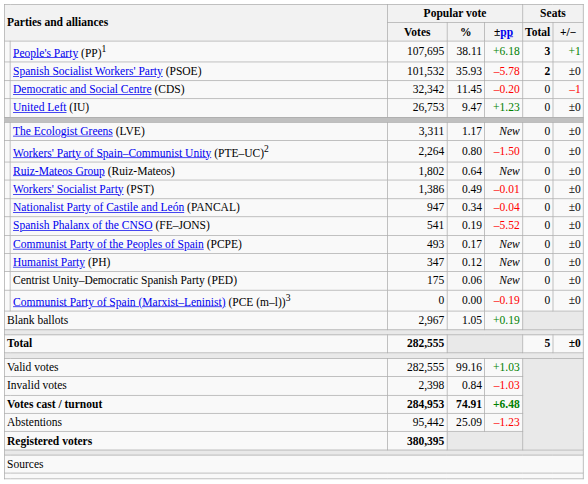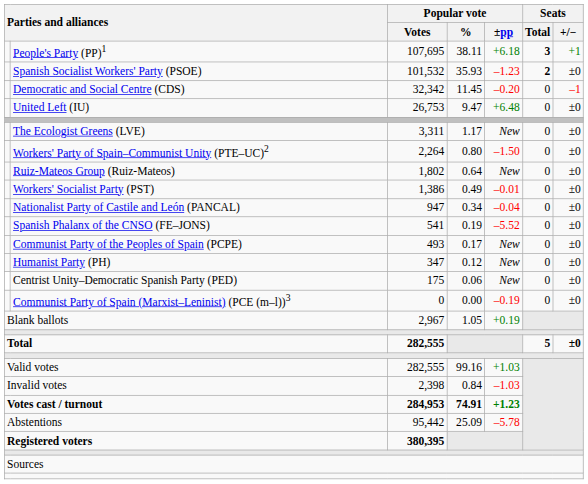 <table class="wikitable" style="text-align:right;">
 <tr>
 <th style="text-align:left;" rowspan="2" colspan="2" width="525">Parties and alliances</th>
 <th colspan="3">Popular vote</th>
 <th colspan="2">Seats</th>
 </tr>
 <tr>
 <th width="75">Votes</th>
 <th width="45">%</th>
 <th width="45">±<a href='#'>pp</a></th>
 <th width="35">Total</th>
 <th width="35">+/−</th>
 </tr>
 <tr>
 <td width="1" style="color:inherit;background:"></td>
 <td align="left"><a href='#'>People's Party</a> (PP)<sup>1</sup></td>
 <td>107,695</td>
 <td>38.11</td>
 <td style="color:green;">+6.18</td>
 <td><strong>3</strong></td>
 <td style="color:green;">+1</td>
 </tr>
 <tr>
 <td style="color:inherit;background:"></td>
 <td align="left"><a href='#'>Spanish Socialist Workers' Party</a> (PSOE)</td>
 <td>101,532</td>
 <td>35.93</td>
-<td style="color:red;">–5.78</td>
+<td style="color:red;">–1.23</td>
 <td><strong>2</strong></td>
 <td>±0</td>
 </tr>
 <tr>
 <td style="color:inherit;background:"></td>
 <td align="left"><a href='#'>Democratic and Social Centre</a> (CDS)</td>
 <td>32,342</td>
 <td>11.45</td>
 <td style="color:red;">–0.20</td>
 <td>0</td>
 <td style="color:red;">–1</td>
 </tr>
 <tr>
 <td style="color:inherit;background:"></td>
 <td align="left"><a href='#'>United Left</a> (IU)</td>
 <td>26,753</td>
 <td>9.47</td>
-<td style="color:green;">+1.23</td>
+<td style="color:green;">+6.48</td>
 <td>0</td>
 <td>±0</td>
 </tr>
 <tr>
 <td colspan="7" bgcolor="#C0C0C0"></td>
 </tr>
 <tr>
 <td style="color:inherit;background:"></td>
 <td align="left"><a href='#'>The Ecologist Greens</a> (LVE)</td>
 <td>3,311</td>
 <td>1.17</td>
 <td><em>New</em></td>
 <td>0</td>
 <td>±0</td>
 </tr>
 <tr>
 <td style="color:inherit;background:"></td>
 <td align="left"><a href='#'>Workers' Party of Spain–Communist Unity</a> (PTE–UC)<sup>2</sup></td>
 <td>2,264</td>
 <td>0.80</td>
 <td style="color:red;">–1.50</td>
 <td>0</td>
 <td>±0</td>
 </tr>
 <tr>
 <td style="color:inherit;background:"></td>
 <td align="left"><a href='#'>Ruiz-Mateos Group</a> (Ruiz-Mateos)</td>
 <td>1,802</td>
 <td>0.64</td>
 <td><em>New</em></td>
 <td>0</td>
 <td>±0</td>
 </tr>
 <tr>
 <td style="color:inherit;background:"></td>
 <td align="left"><a href='#'>Workers' Socialist Party</a> (PST)</td>
 <td>1,386</td>
 <td>0.49</td>
 <td style="color:red;">–0.01</td>
 <td>0</td>
 <td>±0</td>
 </tr>
 <tr>
 <td style="color:inherit;background:"></td>
 <td align="left"><a href='#'>Nationalist Party of Castile and León</a> (PANCAL)</td>
 <td>947</td>
 <td>0.34</td>
 <td style="color:red;">–0.04</td>
 <td>0</td>
 <td>±0</td>
 </tr>
 <tr>
 <td style="color:inherit;background:"></td>
 <td align="left"><a href='#'>Spanish Phalanx of the CNSO</a> (FE–JONS)</td>
 <td>541</td>
 <td>0.19</td>
 <td style="color:red;">–5.52</td>
 <td>0</td>
 <td>±0</td>
 </tr>
 <tr>
 <td style="color:inherit;background:"></td>
 <td align="left"><a href='#'>Communist Party of the Peoples of Spain</a> (PCPE)</td>
 <td>493</td>
 <td>0.17</td>
 <td><em>New</em></td>
 <td>0</td>
 <td>±0</td>
 </tr>
 <tr>
 <td style="color:inherit;background:"></td>
 <td align="left"><a href='#'>Humanist Party</a> (PH)</td>
 <td>347</td>
 <td>0.12</td>
 <td><em>New</em></td>
 <td>0</td>
 <td>±0</td>
 </tr>
 <tr>
 <td bgcolor="white"></td>
 <td align="left">Centrist Unity–Democratic Spanish Party (PED)</td>
 <td>175</td>
 <td>0.06</td>
 <td><em>New</em></td>
 <td>0</td>
 <td>±0</td>
 </tr>
 <tr>
 <td style="color:inherit;background:"></td>
 <td align="left"><a href='#'>Communist Party of Spain (Marxist–Leninist)</a> (PCE (m–l))<sup>3</sup></td>
 <td>0</td>
 <td>0.00</td>
 <td style="color:red;">–0.19</td>
 <td>0</td>
 <td>±0</td>
 </tr>
 <tr>
 <td align="left" colspan="2">Blank ballots</td>
 <td>2,967</td>
 <td>1.05</td>
 <td style="color:green;">+0.19</td>
 <td bgcolor="#E9E9E9" colspan="2"></td>
 </tr>
 <tr>
 <td colspan="7" bgcolor="#E9E9E9"></td>
 </tr>
 <tr style="font-weight:bold;">
 <td align="left" colspan="2">Total</td>
 <td>282,555</td>
 <td bgcolor="#E9E9E9" colspan="2"></td>
 <td>5</td>
 <td>±0</td>
 </tr>
 <tr>
 <td colspan="7" bgcolor="#E9E9E9"></td>
 </tr>
 <tr>
 <td align="left" colspan="2">Valid votes</td>
 <td>282,555</td>
 <td>99.16</td>
 <td style="color:green;">+1.03</td>
 <td bgcolor="#E9E9E9" colspan="2" rowspan="5"></td>
 </tr>
 <tr>
 <td align="left" colspan="2">Invalid votes</td>
 <td>2,398</td>
 <td>0.84</td>
 <td style="color:red;">–1.03</td>
 </tr>
 <tr style="font-weight:bold;">
 <td align="left" colspan="2">Votes cast / turnout</td>
 <td>284,953</td>
 <td>74.91</td>
-<td style="color:green;">+6.48</td>
+<td style="color:green;">+1.23</td>
 </tr>
 <tr>
 <td align="left" colspan="2">Abstentions</td>
 <td>95,442</td>
 <td>25.09</td>
-<td style="color:red;">–1.23</td>
+<td style="color:red;">–5.78</td>
 </tr>
 <tr style="font-weight:bold;">
 <td align="left" colspan="2">Registered voters</td>
 <td>380,395</td>
 <td bgcolor="#E9E9E9" colspan="2"></td>
 </tr>
 <tr>
 <td colspan="7" bgcolor="#E9E9E9"></td>
 </tr>
 <tr>
 <td align="left" colspan="7">Sources</td>
 </tr>
 <tr>
 <td colspan="7" style="text-align:left; max-width:790px;"></td>
 </tr>
 </table>
